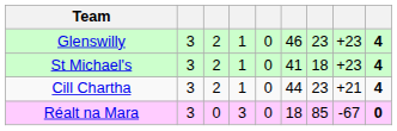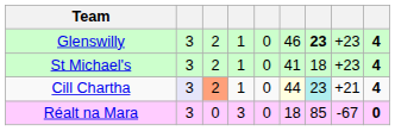 <table class="wikitable" style="text-align:center">
 <tr>
 <th style="width:175px;">Team</th>
 <th width="20"></th>
 <th width="20"></th>
 <th width="20"></th>
 <th width="20"></th>
 <th width="20"></th>
 <th width="20"></th>
 <th width="20"></th>
 <th width="20"></th>
 </tr>
 <tr style="background:#cfc;">
 <td><a href='#'>Glenswilly</a></td>
 <td>3</td>
 <td>2</td>
 <td>1</td>
 <td>0</td>
 <td>46</td>
-<td>23</td>
+<td><strong>23</strong></td>
 <td>+23</td>
 <td><strong>4</strong></td>
 </tr>
 <tr style="background:#cfc;">
 <td><a href='#'>St Michael's</a></td>
 <td>3</td>
 <td>2</td>
 <td>1</td>
 <td>0</td>
 <td>41</td>
 <td>18</td>
 <td>+23</td>
 <td><strong>4</strong></td>
 </tr>
 <tr>
 <td><a href='#'>Cill Chartha</a></td>
-<td>3</td>
-<td>2</td>
+<td style="background: lavender;">3</td>
+<td style="background: lightsalmon;">2</td>
 <td>1</td>
 <td>0</td>
-<td>44</td>
-<td>23</td>
+<td style="background: lightyellow;">44</td>
+<td style="background: paleturquoise;">23</td>
 <td>+21</td>
 <td><strong>4</strong></td>
 </tr>
 <tr style="background:#fcf;">
 <td><a href='#'>Réalt na Mara</a></td>
 <td>3</td>
 <td>0</td>
 <td>3</td>
 <td>0</td>
 <td>18</td>
 <td>85</td>
 <td>-67</td>
 <td><strong>0</strong></td>
 </tr>
 </table>
